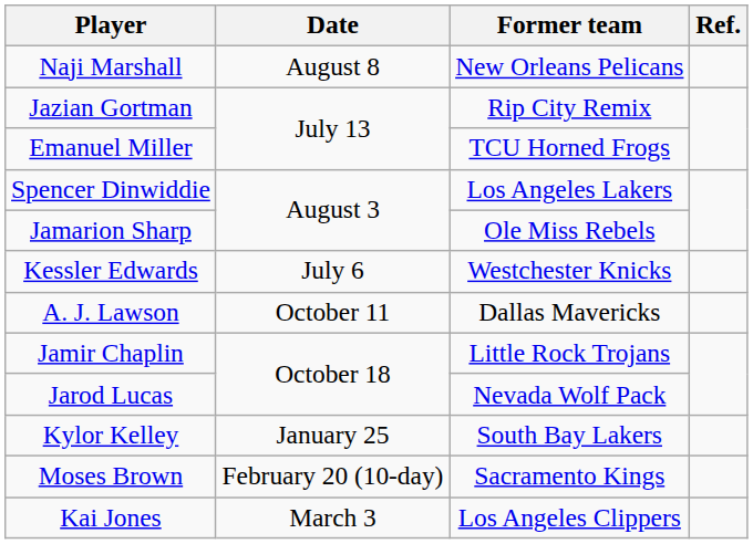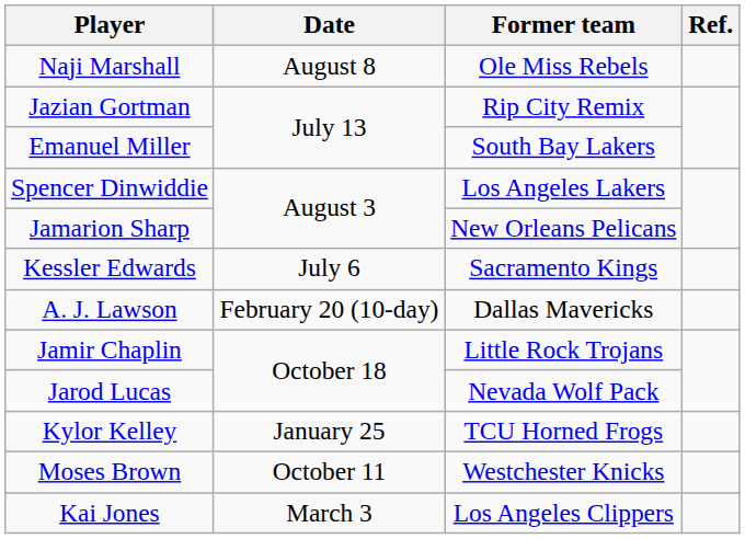 <table class="wikitable sortable sortable" style="text-align: center">
 <tr>
 <th>Player</th>
 <th>Date</th>
 <th>Former team</th>
 <th>Ref.</th>
 </tr>
 <tr>
 <td><a href='#'>Naji Marshall</a></td>
 <td>August 8</td>
-<td><a href='#'>New Orleans Pelicans</a></td>
+<td><a href='#'>Ole Miss Rebels</a></td>
 <td></td>
 </tr>
 <tr>
 <td><a href='#'>Jazian Gortman</a></td>
 <td rowspan=2>July 13</td>
 <td><a href='#'>Rip City Remix</a></td>
 <td rowspan=2></td>
 </tr>
 <tr>
 <td><a href='#'>Emanuel Miller</a></td>
-<td><a href='#'>TCU Horned Frogs</a></td>
+<td><a href='#'>South Bay Lakers</a></td>
 </tr>
 <tr>
 <td><a href='#'>Spencer Dinwiddie</a></td>
 <td rowspan=2>August 3</td>
 <td><a href='#'>Los Angeles Lakers</a></td>
 <td rowspan=2></td>
 </tr>
 <tr>
 <td><a href='#'>Jamarion Sharp</a></td>
-<td><a href='#'>Ole Miss Rebels</a></td>
+<td><a href='#'>New Orleans Pelicans</a></td>
 </tr>
 <tr>
 <td><a href='#'>Kessler Edwards</a></td>
 <td>July 6</td>
-<td><a href='#'>Westchester Knicks</a></td>
+<td><a href='#'>Sacramento Kings</a></td>
 <td></td>
 </tr>
 <tr>
 <td><a href='#'>A. J. Lawson</a></td>
-<td>October 11</td>
+<td>February 20 (10-day)</td>
 <td>Dallas Mavericks</td>
 <td></td>
 </tr>
 <tr>
 <td><a href='#'>Jamir Chaplin</a></td>
 <td rowspan=2>October 18</td>
 <td><a href='#'>Little Rock Trojans</a></td>
 <td rowspan=2></td>
 </tr>
 <tr>
 <td><a href='#'>Jarod Lucas</a></td>
 <td><a href='#'>Nevada Wolf Pack</a></td>
 </tr>
 <tr>
 <td><a href='#'>Kylor Kelley</a></td>
 <td>January 25</td>
-<td><a href='#'>South Bay Lakers</a></td>
+<td><a href='#'>TCU Horned Frogs</a></td>
 <td></td>
 </tr>
 <tr>
 <td><a href='#'>Moses Brown</a></td>
-<td>February 20 (10-day)</td>
-<td><a href='#'>Sacramento Kings</a></td>
+<td>October 11</td>
+<td><a href='#'>Westchester Knicks</a></td>
 <td></td>
 </tr>
 <tr>
 <td><a href='#'>Kai Jones</a></td>
 <td>March 3</td>
 <td><a href='#'>Los Angeles Clippers</a></td>
 <td></td>
 </tr>
 </table>
